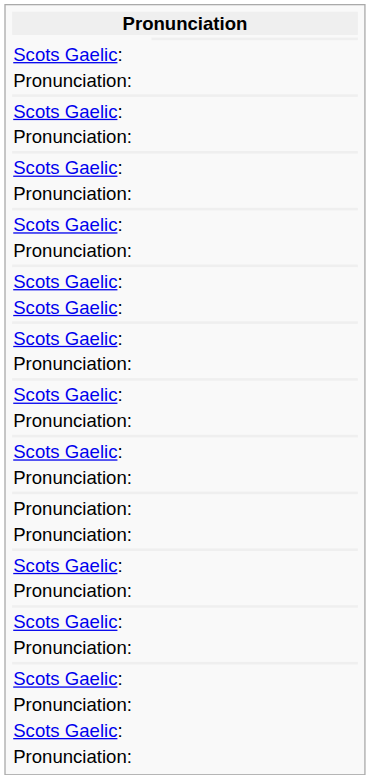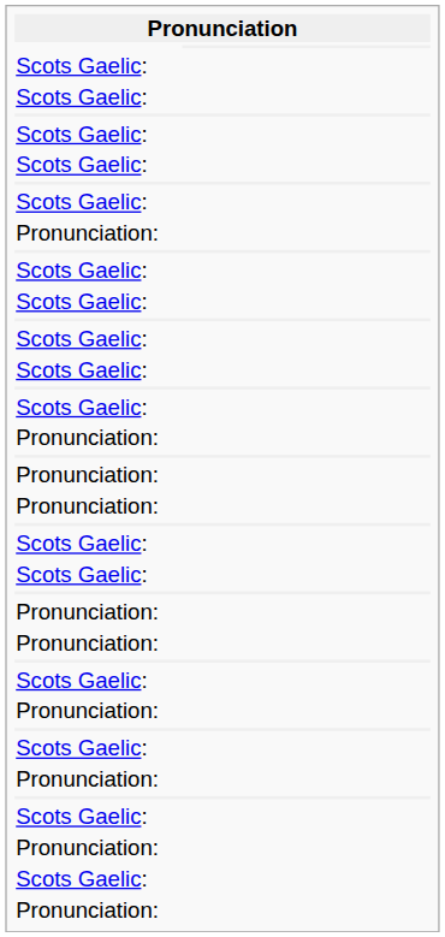 <table class="collapsible infobox collapsed" style="width:280px; font-size:90%;">
 <tr>
 <th colspan="2" style="background:#efefef;">Pronunciation</th>
 </tr>
 <tr style="vertical-align: top;">
 <td style="width: 40%;"></td>
 <th colspan="2" style="background:#efefef;"></th>
 </tr>
 <tr>
 <td><a href='#'>Scots Gaelic</a>:</td>
 <td></td>
 </tr>
 <tr>
-<td>Pronunciation:</td>
+<td><a href='#'>Scots Gaelic</a>:</td>
 <td></td>
 </tr>
 <tr>
 <th colspan="2" style="background:#efefef;"></th>
 </tr>
 <tr>
 <td><a href='#'>Scots Gaelic</a>:</td>
 <td></td>
 </tr>
 <tr>
-<td>Pronunciation:</td>
-<td></td>
-</tr>
-<tr>
-<th colspan="2" style="background:#efefef;"></th>
-</tr>
-<tr>
 <td><a href='#'>Scots Gaelic</a>:</td>
-<td></td>
-</tr>
-<tr>
-<td>Pronunciation:</td>
 <td></td>
 </tr>
 <tr>
 <th colspan="2" style="background:#efefef;"></th>
 </tr>
 <tr>
 <td><a href='#'>Scots Gaelic</a>:</td>
 <td></td>
 </tr>
 <tr>
 <td>Pronunciation:</td>
 <td></td>
 </tr>
 <tr>
 <th colspan="2" style="background:#efefef;"></th>
 </tr>
 <tr>
 <td><a href='#'>Scots Gaelic</a>:</td>
 <td></td>
 </tr>
 <tr>
 <td><a href='#'>Scots Gaelic</a>:</td>
 <td></td>
 </tr>
 <tr>
 <th colspan="2" style="background:#efefef;"></th>
 </tr>
 <tr>
 <td><a href='#'>Scots Gaelic</a>:</td>
 <td></td>
 </tr>
 <tr>
-<td>Pronunciation:</td>
+<td><a href='#'>Scots Gaelic</a>:</td>
 <td></td>
 </tr>
 <tr>
 <th colspan="2" style="background:#efefef;"></th>
 </tr>
 <tr>
 <td><a href='#'>Scots Gaelic</a>:</td>
 <td></td>
 </tr>
 <tr>
 <td>Pronunciation:</td>
 <td></td>
 </tr>
 <tr>
 <th colspan="2" style="background:#efefef;"></th>
 </tr>
 <tr>
+<td>Pronunciation:</td>
+<td></td>
+</tr>
+<tr>
+<td>Pronunciation:</td>
+<td></td>
+</tr>
+<tr>
+<th colspan="2" style="background:#efefef;"></th>
+</tr>
+<tr>
 <td><a href='#'>Scots Gaelic</a>:</td>
 <td></td>
 </tr>
 <tr>
-<td>Pronunciation:</td>
+<td><a href='#'>Scots Gaelic</a>:</td>
 <td></td>
 </tr>
 <tr>
 <th colspan="2" style="background:#efefef;"></th>
 </tr>
 <tr>
 <td>Pronunciation:</td>
 <td></td>
 </tr>
 <tr>
 <td>Pronunciation:</td>
 <td></td>
 </tr>
 <tr>
 <th colspan="2" style="background:#efefef;"></th>
 </tr>
 <tr>
 <td><a href='#'>Scots Gaelic</a>:</td>
 <td></td>
 </tr>
 <tr>
 <td>Pronunciation:</td>
 <td></td>
 </tr>
 <tr>
 <th colspan="2" style="background:#efefef;"></th>
 </tr>
 <tr>
 <td><a href='#'>Scots Gaelic</a>:</td>
 <td></td>
 </tr>
 <tr>
 <td>Pronunciation:</td>
 <td></td>
 </tr>
 <tr>
 <th colspan="2" style="background:#efefef;"></th>
 </tr>
 <tr>
 <td><a href='#'>Scots Gaelic</a>:</td>
 <td></td>
 </tr>
 <tr>
 <td>Pronunciation:</td>
 <td></td>
 </tr>
 <tr>
 <td><a href='#'>Scots Gaelic</a>:</td>
 <td></td>
 </tr>
 <tr>
 <td>Pronunciation:</td>
 <td></td>
 </tr>
 </table>
